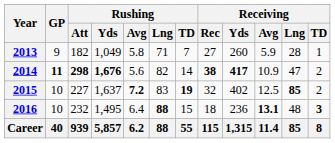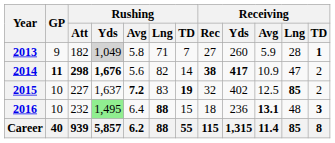 <table class="wikitable" style="text-align:center;">
 <tr>
 <th rowspan="2">Year</th>
 <th rowspan="2">GP</th>
 <th colspan="5">Rushing</th>
 <th colspan="5">Receiving</th>
 </tr>
 <tr>
 <th>Att</th>
 <th>Yds</th>
 <th>Avg</th>
 <th>Lng</th>
 <th>TD</th>
 <th>Rec</th>
 <th>Yds</th>
 <th>Avg</th>
 <th>Lng</th>
 <th>TD</th>
 </tr>
 <tr>
 <th><a href='#'>2013</a></th>
 <td>9</td>
 <td>182</td>
-<td>1,049</td>
+<td style="background: lightgrey;">1,049</td>
 <td>5.8</td>
 <td>71</td>
 <td>7</td>
 <td>27</td>
 <td>260</td>
 <td>5.9</td>
 <td>28</td>
-<td>1</td>
+<td><strong>1</strong></td>
 </tr>
 <tr>
 <th><a href='#'>2014</a></th>
 <td><strong>11</strong></td>
 <td><strong>298</strong></td>
 <td><strong>1,676</strong></td>
 <td>5.6</td>
 <td>82</td>
 <td>14</td>
 <td><strong>38</strong></td>
 <td><strong>417</strong></td>
 <td>10.9</td>
 <td>47</td>
 <td>2</td>
 </tr>
 <tr>
 <th><a href='#'>2015</a></th>
 <td>10</td>
 <td>227</td>
 <td>1,637</td>
 <td><strong>7.2</strong></td>
 <td>83</td>
 <td><strong>19</strong></td>
 <td>32</td>
 <td>402</td>
 <td>12.5</td>
 <td><strong>85</strong></td>
 <td>2</td>
 </tr>
 <tr>
 <th><a href='#'>2016</a></th>
 <td>10</td>
 <td>232</td>
-<td>1,495</td>
+<td style="background: lightgreen;">1,495</td>
 <td>6.4</td>
 <td><strong>88</strong></td>
 <td>15</td>
 <td>18</td>
 <td>236</td>
 <td><strong>13.1</strong></td>
 <td>48</td>
 <td><strong>3</strong></td>
 </tr>
 <tr>
 <th>Career</th>
 <th>40</th>
 <th>939</th>
 <th>5,857</th>
 <th>6.2</th>
 <th>88</th>
 <th>55</th>
 <th>115</th>
 <th>1,315</th>
 <th>11.4</th>
 <th>85</th>
 <th>8</th>
 </tr>
 </table>
